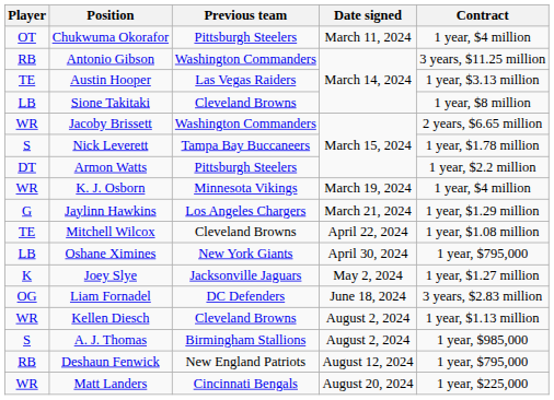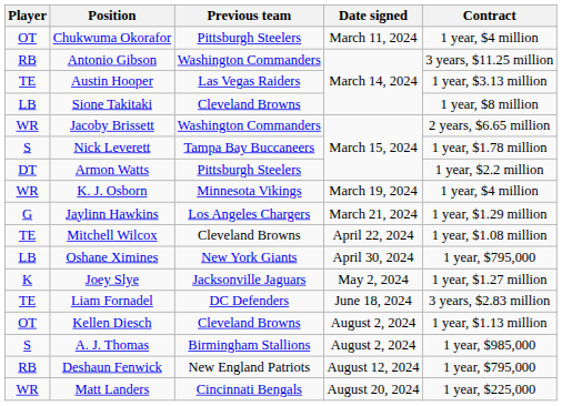 <table class="wikitable" style="text-align:center">
 <tr>
 <th>Player</th>
 <th>Position</th>
 <th>Previous team</th>
 <th>Date signed</th>
 <th>Contract</th>
 </tr>
 <tr>
 <td><a href='#'>OT</a></td>
 <td><a href='#'>Chukwuma Okorafor</a></td>
 <td><a href='#'>Pittsburgh Steelers</a></td>
 <td>March 11, 2024</td>
 <td>1 year, $4 million</td>
 </tr>
 <tr>
 <td><a href='#'>RB</a></td>
 <td><a href='#'>Antonio Gibson</a></td>
 <td><a href='#'>Washington Commanders</a></td>
 <td rowspan="3">March 14, 2024</td>
 <td>3 years, $11.25 million</td>
 </tr>
 <tr>
 <td><a href='#'>TE</a></td>
 <td><a href='#'>Austin Hooper</a></td>
 <td><a href='#'>Las Vegas Raiders</a></td>
 <td>1 year, $3.13 million</td>
 </tr>
 <tr>
 <td><a href='#'>LB</a></td>
 <td><a href='#'>Sione Takitaki</a></td>
 <td><a href='#'>Cleveland Browns</a></td>
 <td>1 year, $8 million</td>
 </tr>
 <tr>
 <td><a href='#'>WR</a></td>
 <td><a href='#'>Jacoby Brissett</a></td>
 <td><a href='#'>Washington Commanders</a></td>
 <td rowspan="3">March 15, 2024</td>
 <td>2 years, $6.65 million</td>
 </tr>
 <tr>
 <td><a href='#'>S</a></td>
 <td><a href='#'>Nick Leverett</a></td>
 <td><a href='#'>Tampa Bay Buccaneers</a></td>
 <td>1 year, $1.78 million</td>
 </tr>
 <tr>
 <td><a href='#'>DT</a></td>
 <td><a href='#'>Armon Watts</a></td>
 <td><a href='#'>Pittsburgh Steelers</a></td>
 <td>1 year, $2.2 million</td>
 </tr>
 <tr>
 <td><a href='#'>WR</a></td>
 <td><a href='#'>K. J. Osborn</a></td>
 <td><a href='#'>Minnesota Vikings</a></td>
 <td>March 19, 2024</td>
 <td>1 year, $4 million</td>
 </tr>
 <tr>
 <td><a href='#'>G</a></td>
 <td><a href='#'>Jaylinn Hawkins</a></td>
 <td><a href='#'>Los Angeles Chargers</a></td>
 <td>March 21, 2024</td>
 <td>1 year, $1.29 million</td>
 </tr>
 <tr>
 <td><a href='#'>TE</a></td>
 <td><a href='#'>Mitchell Wilcox</a></td>
 <td>Cleveland Browns</td>
 <td>April 22, 2024</td>
 <td>1 year, $1.08 million</td>
 </tr>
 <tr>
 <td><a href='#'>LB</a></td>
 <td><a href='#'>Oshane Ximines</a></td>
 <td><a href='#'>New York Giants</a></td>
 <td>April 30, 2024</td>
 <td>1 year, $795,000</td>
 </tr>
 <tr>
 <td><a href='#'>K</a></td>
 <td><a href='#'>Joey Slye</a></td>
 <td><a href='#'>Jacksonville Jaguars</a></td>
 <td>May 2, 2024</td>
 <td>1 year, $1.27 million</td>
 </tr>
 <tr>
-<td><a href='#'>OG</a></td>
+<td><a href='#'>TE</a></td>
 <td><a href='#'>Liam Fornadel</a></td>
 <td><a href='#'>DC Defenders</a></td>
 <td>June 18, 2024</td>
 <td>3 years, $2.83 million</td>
 </tr>
 <tr>
-<td><a href='#'>WR</a></td>
+<td><a href='#'>OT</a></td>
 <td><a href='#'>Kellen Diesch</a></td>
 <td><a href='#'>Cleveland Browns</a></td>
 <td>August 2, 2024</td>
 <td>1 year, $1.13 million</td>
 </tr>
 <tr>
 <td><a href='#'>S</a></td>
 <td><a href='#'>A. J. Thomas</a></td>
 <td><a href='#'>Birmingham Stallions</a></td>
 <td>August 2, 2024</td>
 <td>1 year, $985,000</td>
 </tr>
 <tr>
 <td><a href='#'>RB</a></td>
 <td><a href='#'>Deshaun Fenwick</a></td>
 <td>New England Patriots</td>
 <td>August 12, 2024</td>
 <td>1 year, $795,000</td>
 </tr>
 <tr>
 <td><a href='#'>WR</a></td>
 <td><a href='#'>Matt Landers</a></td>
 <td><a href='#'>Cincinnati Bengals</a></td>
 <td>August 20, 2024</td>
 <td>1 year, $225,000</td>
 </tr>
 </table>
